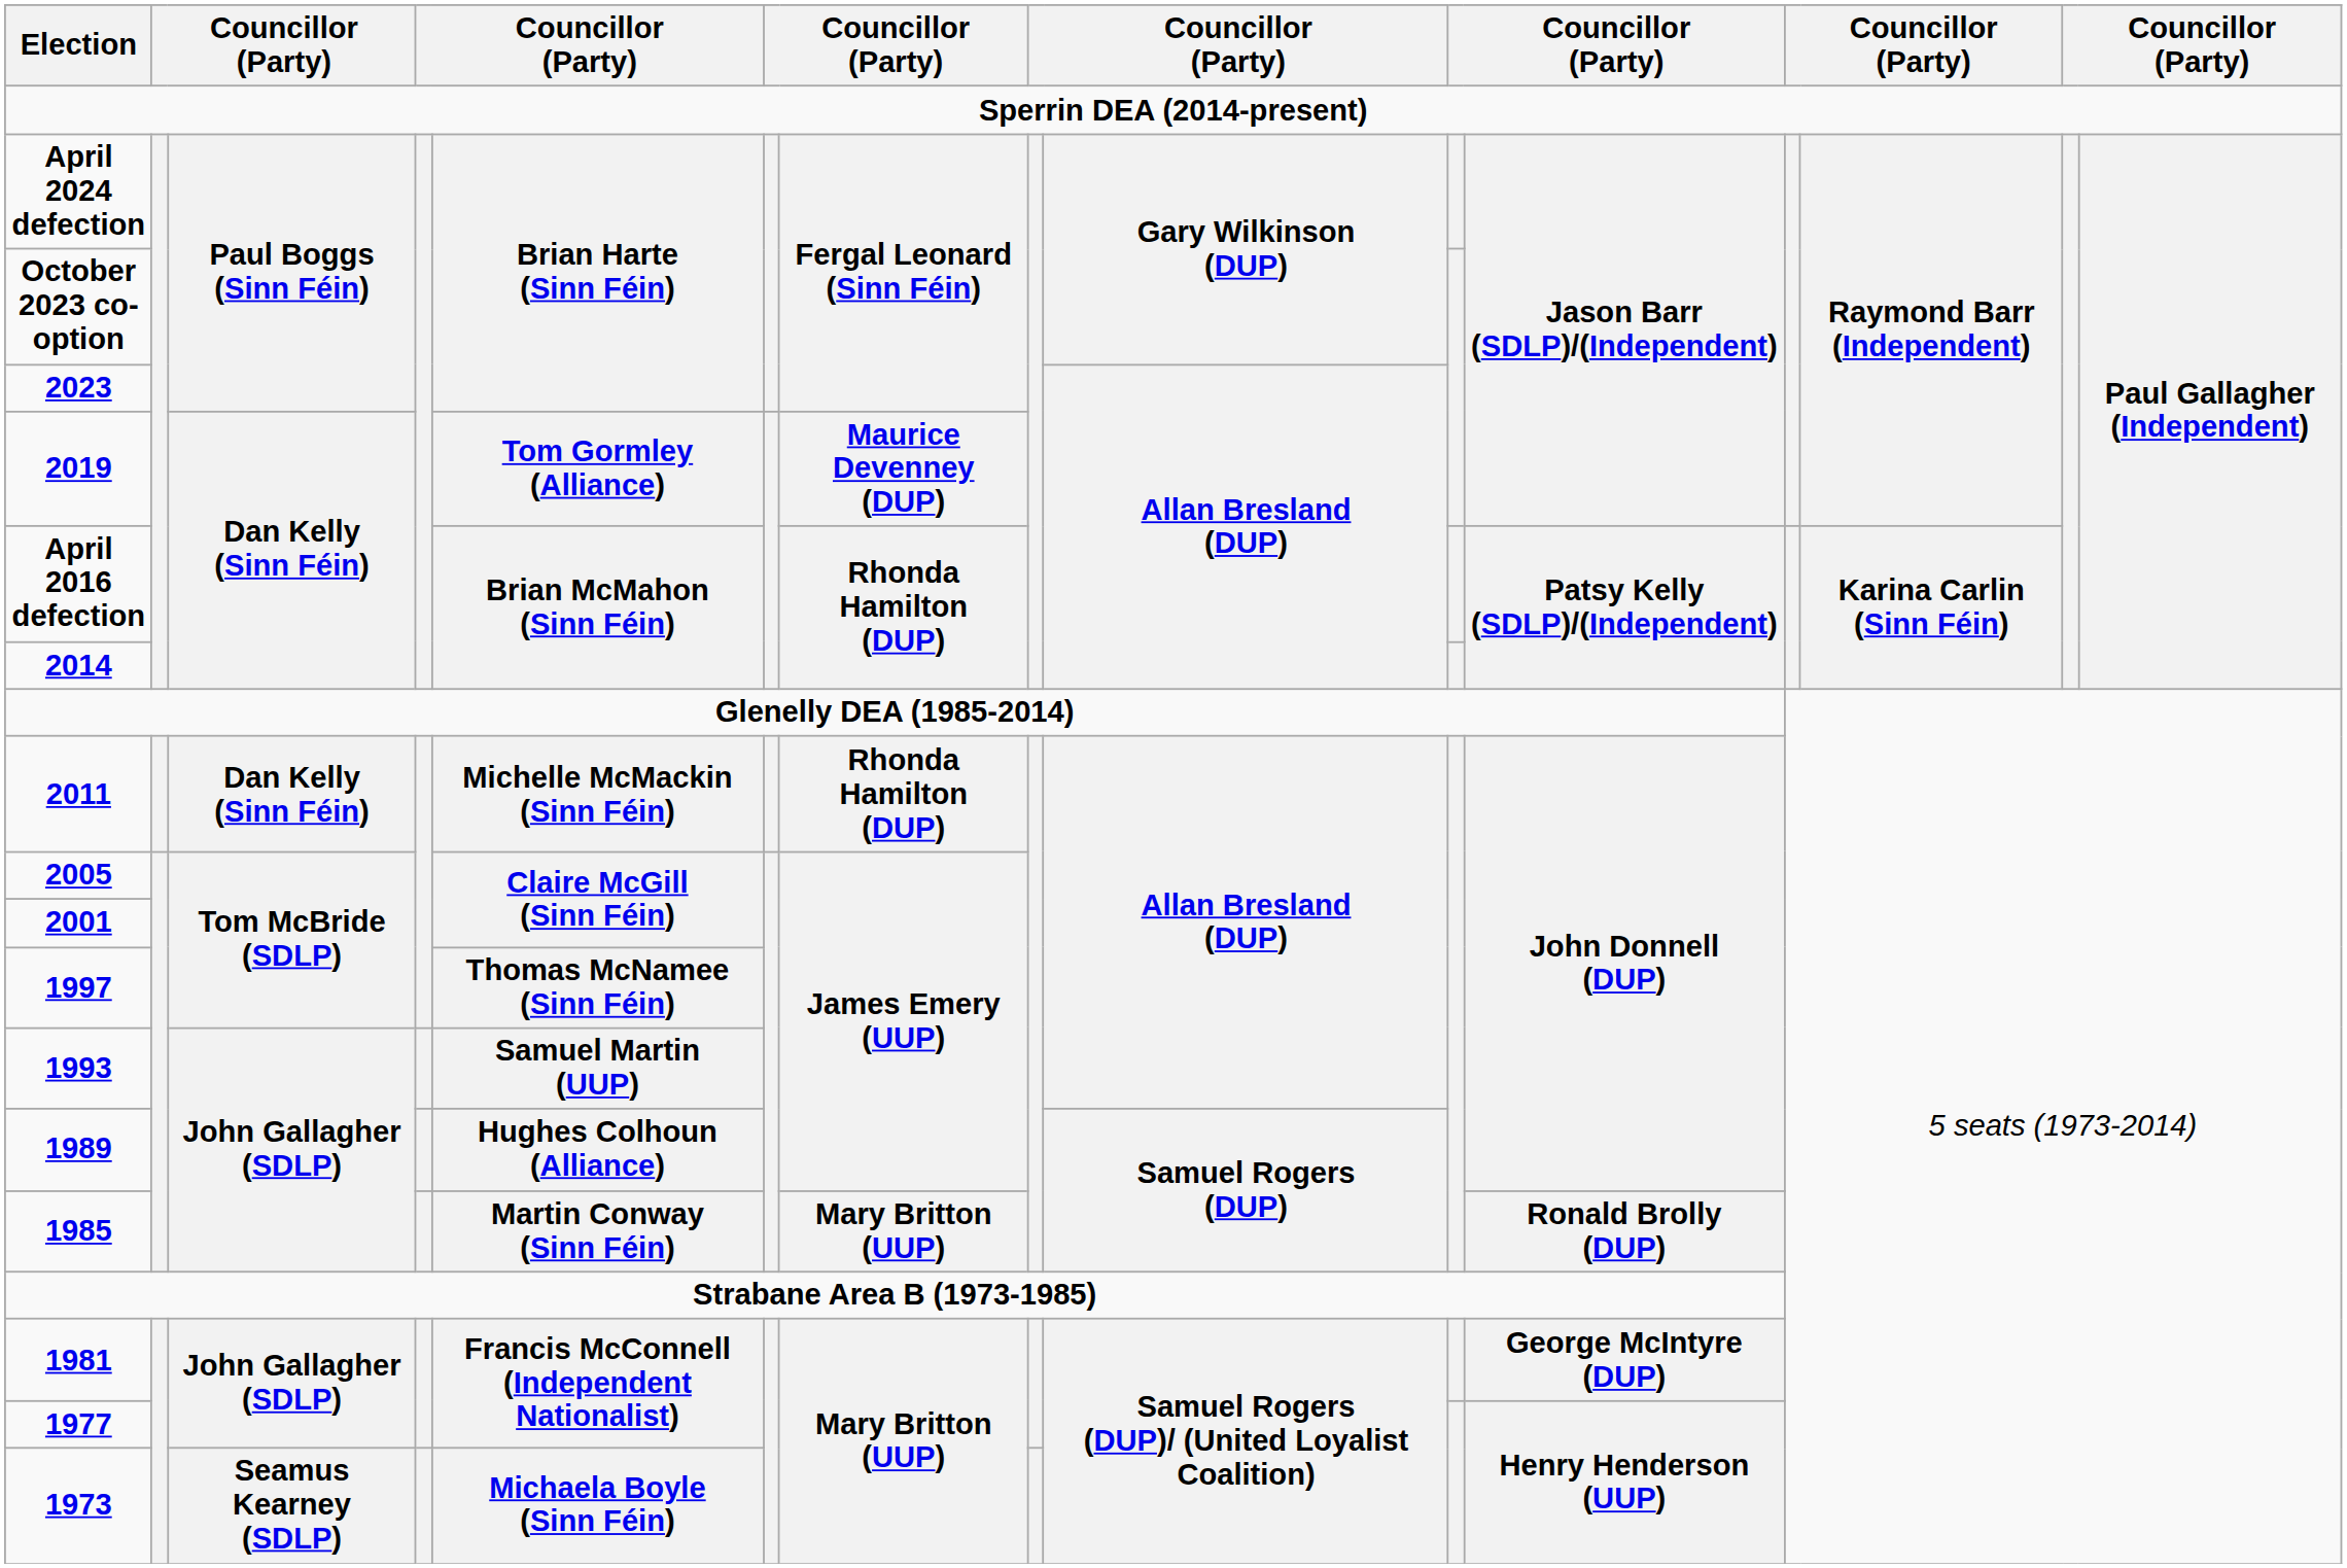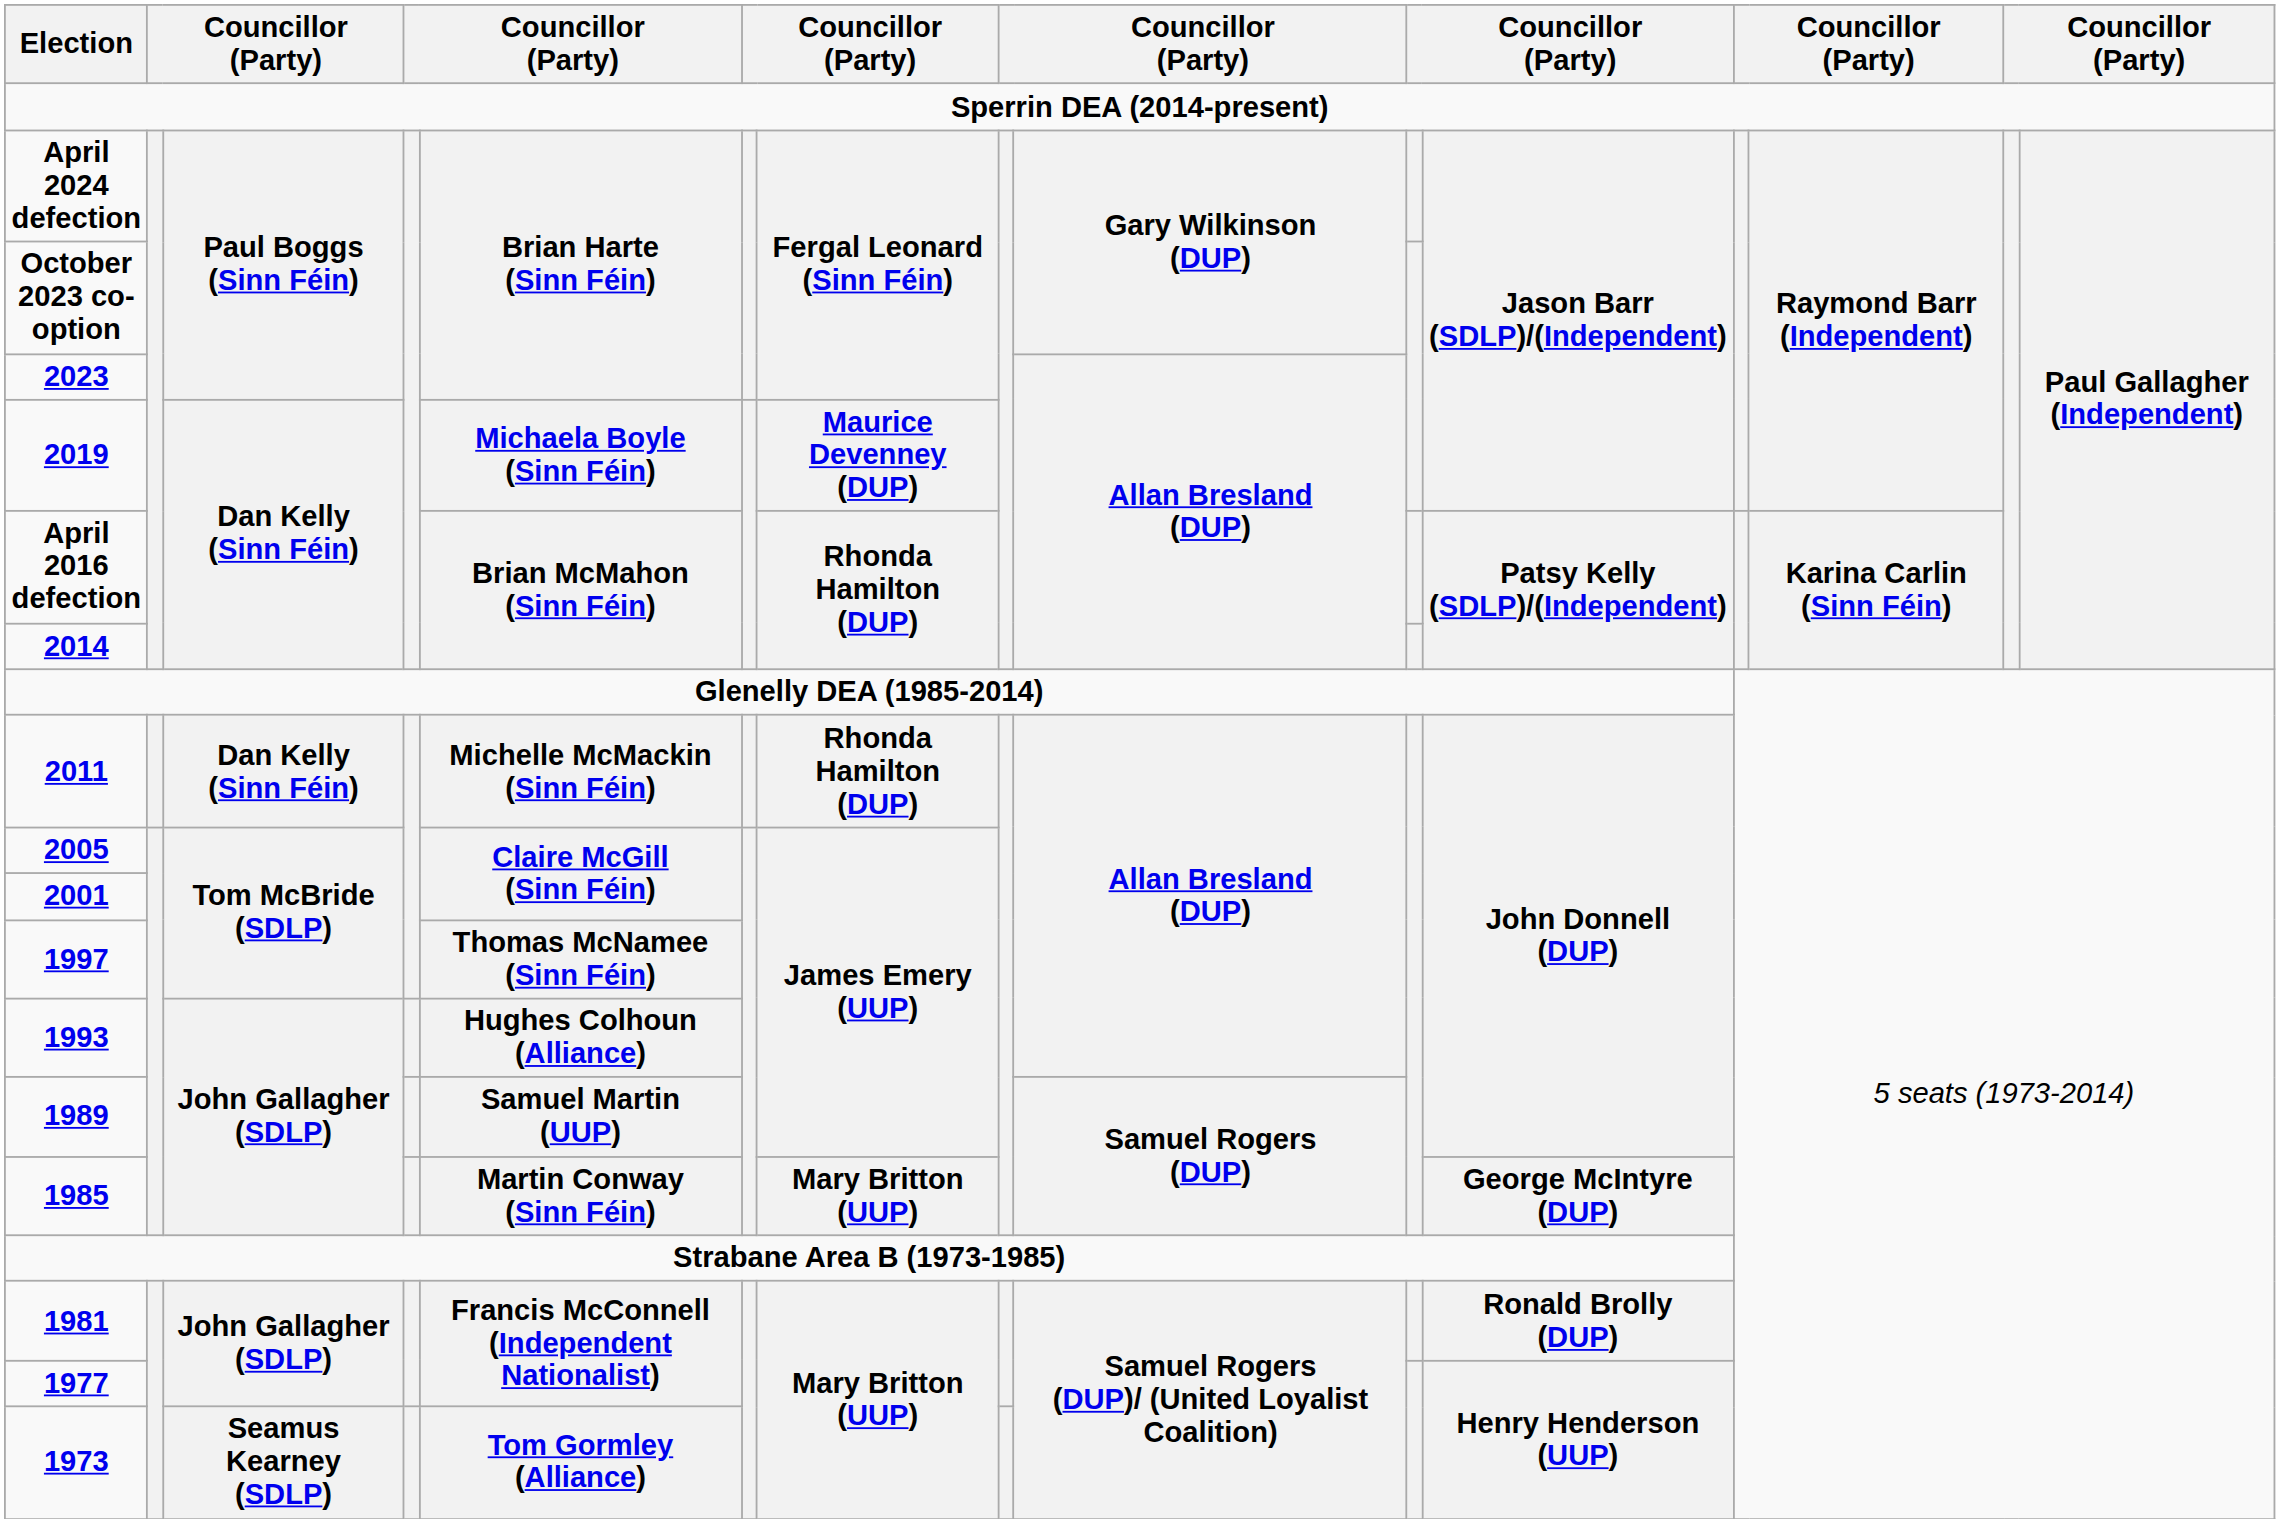 <table class="wikitable" style="text-align:center">
 <tr>
 <th width="50" scope="col">Election</th>
 <th colspan="2" width="150" scope="col">Councillor<br>(Party)</th>
 <th colspan="2" width="150" scope="col">Councillor<br>(Party)</th>
 <th colspan="2" width="150" scope="col">Councillor<br>(Party)</th>
 <th colspan="2" width="150" scope="col">Councillor<br>(Party)</th>
 <th colspan="2" width="150" scope="col">Councillor<br>(Party)</th>
 <th colspan="2" width="150" scope="col">Councillor<br>(Party)</th>
 <th colspan="2" width="150" scope="col">Councillor<br>(Party)</th>
 </tr>
 <tr>
 <td colspan="15"><strong>Sperrin DEA (2014-present)</strong></td>
 </tr>
 <tr>
 <td><strong>April 2024 defection</strong></td>
 <th width="1" rowspan="6" style="background-color: "></th>
 <th rowspan="3">Paul Boggs<br>(<a href='#'>Sinn Féin</a>)</th>
 <th width="1" rowspan="6" style="background-color: "></th>
 <th rowspan="3">Brian Harte<br>(<a href='#'>Sinn Féin</a>)</th>
 <th width="1" rowspan="3" style="background-color: "></th>
 <th rowspan="3">Fergal Leonard<br>(<a href='#'>Sinn Féin</a>)</th>
 <th width="1" rowspan="6" style="background-color: "></th>
 <th rowspan="2">Gary Wilkinson<br>(<a href='#'>DUP</a>)</th>
 <th width="1" rowspan="1" style="background-color: "></th>
 <th rowspan="4">Jason Barr<br>(<a href='#'>SDLP</a>)/(<a href='#'>Independent</a>)</th>
 <th width="1" rowspan="4" style="background-color: "></th>
 <th rowspan="4">Raymond Barr<br>(<a href='#'>Independent</a>)</th>
 <th width="1" rowspan="6" style="background-color: "></th>
 <th rowspan="6">Paul Gallagher<br>(<a href='#'>Independent</a>)</th>
 </tr>
 <tr>
 <td><strong>October 2023 co-option</strong></td>
 <th width="1" rowspan="3" style="background-color: "></th>
 </tr>
 <tr>
 <td><strong><a href='#'>2023</a></strong></td>
 <th rowspan="4"><a href='#'>Allan Bresland</a><br>(<a href='#'>DUP</a>)</th>
 </tr>
 <tr>
 <td><strong><a href='#'>2019</a></strong></td>
 <th rowspan="3">Dan Kelly<br>(<a href='#'>Sinn Féin</a>)</th>
-<th rowspan="1"><a href='#'>Tom Gormley</a><br>(<a href='#'>Alliance</a>)</th>
+<th rowspan="1"><a href='#'>Michaela Boyle</a><br>(<a href='#'>Sinn Féin</a>)</th>
 <th width="1" rowspan="3" style="background-color: "></th>
 <th rowspan="1"><a href='#'>Maurice Devenney</a><br>(<a href='#'>DUP</a>)</th>
 </tr>
 <tr>
 <td><strong>April 2016 defection</strong></td>
 <th rowspan="2">Brian McMahon<br>(<a href='#'>Sinn Féin</a>)</th>
 <th rowspan="2">Rhonda Hamilton<br>(<a href='#'>DUP</a>)</th>
 <th width="1" rowspan="1" style="background-color: "></th>
 <th rowspan="2">Patsy Kelly<br>(<a href='#'>SDLP</a>)/(<a href='#'>Independent</a>)</th>
 <th width="1" rowspan="2" style="background-color: "></th>
 <th rowspan="2">Karina Carlin<br>(<a href='#'>Sinn Féin</a>)</th>
 </tr>
 <tr>
 <td><strong><a href='#'>2014</a></strong></td>
 <th width="1" rowspan="1" style="background-color: "></th>
 </tr>
 <tr>
 <td colspan="11"><strong>Glenelly DEA (1985-2014)</strong></td>
 <td colspan="4" rowspan="12"><em>5 seats (1973-2014)</em></td>
 </tr>
 <tr>
 <td><strong><a href='#'>2011</a></strong></td>
 <th width="1" rowspan="1" style="background-color: "></th>
 <th rowspan="1">Dan Kelly<br>(<a href='#'>Sinn Féin</a>)</th>
 <th width="1" rowspan="4" style="background-color: "></th>
 <th rowspan="1">Michelle McMackin<br>(<a href='#'>Sinn Féin</a>)</th>
 <th width="1" rowspan="1" style="background-color: "></th>
 <th rowspan="1">Rhonda Hamilton<br>(<a href='#'>DUP</a>)</th>
 <th width="1" rowspan="7" style="background-color: "></th>
 <th rowspan="5"><a href='#'>Allan Bresland</a><br>(<a href='#'>DUP</a>)</th>
 <th width="1" rowspan="7" style="background-color: "></th>
 <th rowspan="6">John Donnell<br>(<a href='#'>DUP</a>)</th>
 </tr>
 <tr>
 <td><strong><a href='#'>2005</a></strong></td>
 <th width="1" rowspan="6" style="background-color: "></th>
 <th rowspan="3">Tom McBride<br>(<a href='#'>SDLP</a>)</th>
 <th rowspan="2"><a href='#'>Claire McGill</a><br>(<a href='#'>Sinn Féin</a>)</th>
 <th width="1" rowspan="6" style="background-color: "></th>
 <th rowspan="5">James Emery<br>(<a href='#'>UUP</a>)</th>
 </tr>
 <tr>
 <td><strong><a href='#'>2001</a></strong></td>
 </tr>
 <tr>
 <td><strong><a href='#'>1997</a></strong></td>
 <th rowspan="1">Thomas McNamee<br>(<a href='#'>Sinn Féin</a>)</th>
 </tr>
 <tr>
 <td><strong><a href='#'>1993</a></strong></td>
 <th rowspan="3">John Gallagher<br>(<a href='#'>SDLP</a>)</th>
 <th width="1" rowspan="1" style="background-color: "></th>
-<th rowspan="1">Samuel Martin<br>(<a href='#'>UUP</a>)</th>
+<th rowspan="1">Hughes Colhoun<br>(<a href='#'>Alliance</a>)</th>
 </tr>
 <tr>
 <td><strong><a href='#'>1989</a></strong></td>
 <th width="1" rowspan="1" style="background-color: "></th>
-<th rowspan="1">Hughes Colhoun<br>(<a href='#'>Alliance</a>)</th>
+<th rowspan="1">Samuel Martin<br>(<a href='#'>UUP</a>)</th>
 <th rowspan="2">Samuel Rogers<br>(<a href='#'>DUP</a>)</th>
 </tr>
 <tr>
 <td><strong><a href='#'>1985</a></strong></td>
 <th width="1" rowspan="1" style="background-color: "></th>
 <th rowspan="1">Martin Conway<br>(<a href='#'>Sinn Féin</a>)</th>
 <th rowspan="1">Mary Britton<br>(<a href='#'>UUP</a>)</th>
-<th rowspan="1">Ronald Brolly<br>(<a href='#'>DUP</a>)</th>
+<th rowspan="1">George McIntyre<br>(<a href='#'>DUP</a>)</th>
 </tr>
 <tr>
 <td colspan="11"><strong>Strabane Area B (1973-1985)</strong></td>
 </tr>
 <tr>
 <td><strong><a href='#'>1981</a></strong></td>
 <th width="1" rowspan="3" style="background-color: "></th>
 <th rowspan="2">John Gallagher<br>(<a href='#'>SDLP</a>)</th>
 <th width="1" rowspan="2" style="background-color: "></th>
 <th rowspan="2">Francis McConnell<br>(<a href='#'>Independent Nationalist</a>)</th>
 <th width="1" rowspan="3" style="background-color: "></th>
 <th rowspan="3">Mary Britton<br>(<a href='#'>UUP</a>)</th>
 <th width="1" rowspan="2" style="background-color: "></th>
 <th rowspan="3">Samuel Rogers<br>(<a href='#'>DUP</a>)/ (United Loyalist Coalition)</th>
 <th width="1" rowspan="1" style="background-color: "></th>
-<th rowspan="1">George McIntyre<br>(<a href='#'>DUP</a>)</th>
+<th rowspan="1">Ronald Brolly<br>(<a href='#'>DUP</a>)</th>
 </tr>
 <tr>
 <td><strong><a href='#'>1977</a></strong></td>
 <th width="1" rowspan="2" style="background-color: "></th>
 <th rowspan="2">Henry Henderson<br>(<a href='#'>UUP</a>)</th>
 </tr>
 <tr>
 <td><strong><a href='#'>1973</a></strong></td>
 <th rowspan="1">Seamus Kearney<br>(<a href='#'>SDLP</a>)</th>
 <th width="1" rowspan="1" style="background-color: "></th>
-<th rowspan="1"><a href='#'>Michaela Boyle</a><br>(<a href='#'>Sinn Féin</a>)</th>
+<th rowspan="1"><a href='#'>Tom Gormley</a><br>(<a href='#'>Alliance</a>)</th>
 <th width="1" rowspan="1" style="background-color: "></th>
 </tr>
 </table>
